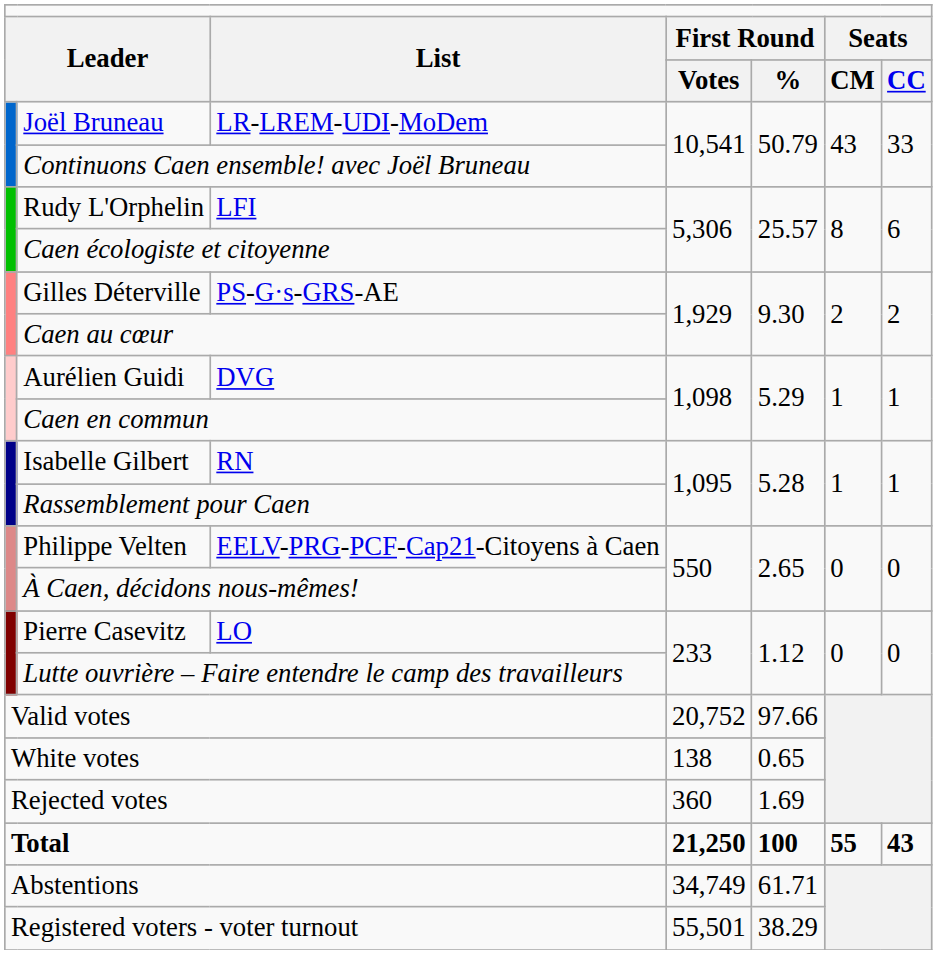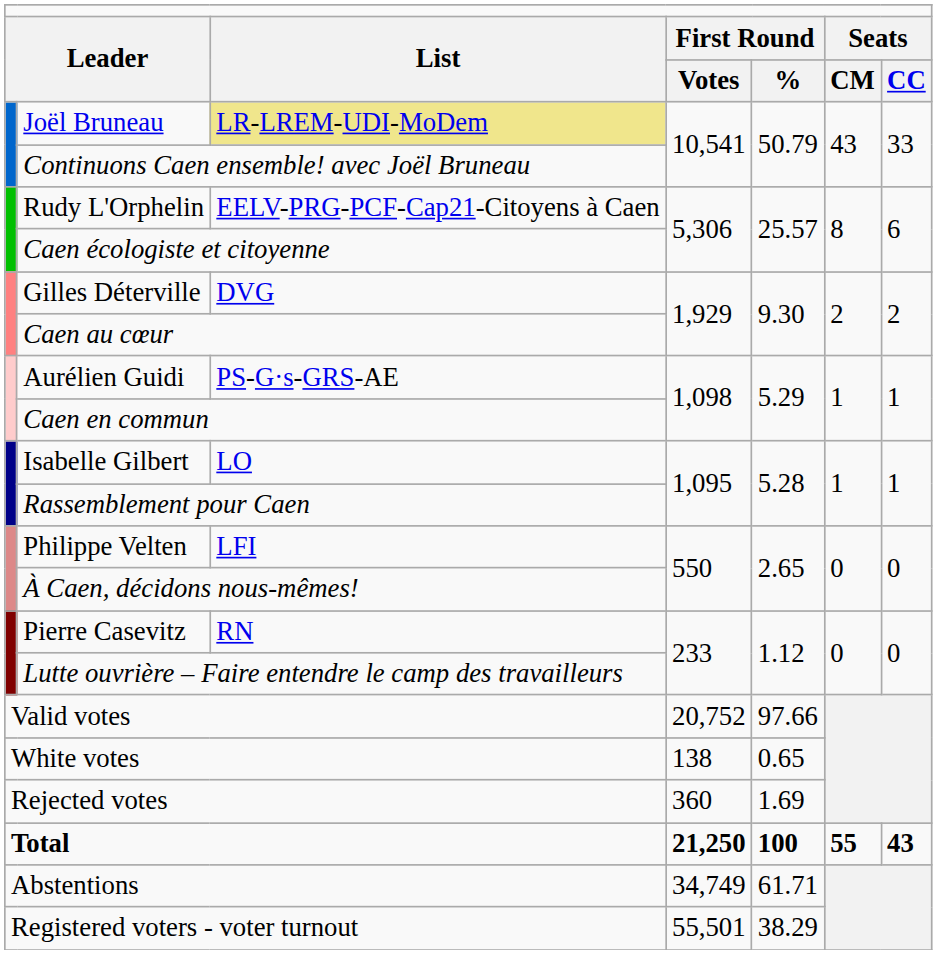 <table class="wikitable">
 <tr>
 <td colspan="7"></td>
 </tr>
 <tr>
 <th colspan="2" rowspan="2">Leader</th>
 <th rowspan="2">List</th>
 <th colspan="2">First Round</th>
 <th colspan="2">Seats</th>
 </tr>
 <tr>
 <th>Votes</th>
 <th>%</th>
 <th>CM</th>
 <th><a href='#'>CC</a></th>
 </tr>
 <tr>
 <td rowspan="2" bgcolor="#0066cc"></td>
 <td><a href='#'>Joël Bruneau</a></td>
-<td><a href='#'>LR</a>-<a href='#'>LREM</a>-<a href='#'>UDI</a>-<a href='#'>MoDem</a></td>
+<td style="background: khaki;"><a href='#'>LR</a>-<a href='#'>LREM</a>-<a href='#'>UDI</a>-<a href='#'>MoDem</a></td>
 <td rowspan="2">10,541</td>
 <td rowspan="2">50.79</td>
 <td rowspan="2">43</td>
 <td rowspan="2">33</td>
 </tr>
 <tr>
 <td colspan="2"><em>Continuons Caen ensemble! avec Joël Bruneau</em></td>
 </tr>
 <tr>
 <td rowspan="2" bgcolor="#00c000"></td>
 <td>Rudy L'Orphelin</td>
-<td><a href='#'>LFI</a></td>
+<td><a href='#'>EELV</a>-<a href='#'>PRG</a>-<a href='#'>PCF</a>-<a href='#'>Cap21</a>-Citoyens à Caen</td>
 <td rowspan="2">5,306</td>
 <td rowspan="2">25.57</td>
 <td rowspan="2">8</td>
 <td rowspan="2">6</td>
 </tr>
 <tr>
 <td colspan="2"><em>Caen écologiste et citoyenne</em></td>
 </tr>
 <tr>
 <td rowspan="2" bgcolor="#ff8080"></td>
 <td>Gilles Déterville</td>
-<td><a href='#'>PS</a>-<a href='#'>G·s</a>-<a href='#'>GRS</a>-AE</td>
+<td><a href='#'>DVG</a></td>
 <td rowspan="2">1,929</td>
 <td rowspan="2">9.30</td>
 <td rowspan="2">2</td>
 <td rowspan="2">2</td>
 </tr>
 <tr>
 <td colspan="2"><em>Caen au cœur</em></td>
 </tr>
 <tr>
 <td rowspan="2" bgcolor="#ffcccc"></td>
 <td>Aurélien Guidi</td>
-<td><a href='#'>DVG</a></td>
+<td><a href='#'>PS</a>-<a href='#'>G·s</a>-<a href='#'>GRS</a>-AE</td>
 <td rowspan="2">1,098</td>
 <td rowspan="2">5.29</td>
 <td rowspan="2">1</td>
 <td rowspan="2">1</td>
 </tr>
 <tr>
 <td colspan="2"><em>Caen en commun</em></td>
 </tr>
 <tr>
 <td rowspan="2" bgcolor="#000088"></td>
 <td>Isabelle Gilbert</td>
-<td><a href='#'>RN</a></td>
+<td><a href='#'>LO</a></td>
 <td rowspan="2">1,095</td>
 <td rowspan="2">5.28</td>
 <td rowspan="2">1</td>
 <td rowspan="2">1</td>
 </tr>
 <tr>
 <td colspan="2"><em>Rassemblement pour Caen</em></td>
 </tr>
 <tr>
 <td rowspan="2" bgcolor="#dd8888"></td>
 <td>Philippe Velten</td>
-<td><a href='#'>EELV</a>-<a href='#'>PRG</a>-<a href='#'>PCF</a>-<a href='#'>Cap21</a>-Citoyens à Caen</td>
+<td><a href='#'>LFI</a></td>
 <td rowspan="2">550</td>
 <td rowspan="2">2.65</td>
 <td rowspan="2">0</td>
 <td rowspan="2">0</td>
 </tr>
 <tr>
 <td colspan="2"><em>À Caen, décidons nous-mêmes!</em></td>
 </tr>
 <tr>
 <td rowspan="2" bgcolor="#800000"></td>
 <td>Pierre Casevitz</td>
-<td><a href='#'>LO</a></td>
+<td><a href='#'>RN</a></td>
 <td rowspan="2">233</td>
 <td rowspan="2">1.12</td>
 <td rowspan="2">0</td>
 <td rowspan="2">0</td>
 </tr>
 <tr>
 <td colspan="2"><em>Lutte ouvrière – Faire entendre le camp des travailleurs</em></td>
 </tr>
 <tr>
 <td colspan="3">Valid votes</td>
 <td>20,752</td>
 <td>97.66</td>
 <th colspan="2" rowspan="3"></th>
 </tr>
 <tr>
 <td colspan="3">White votes</td>
 <td>138</td>
 <td>0.65</td>
 </tr>
 <tr>
 <td colspan="3">Rejected votes</td>
 <td>360</td>
 <td>1.69</td>
 </tr>
 <tr>
 <td colspan="3"><strong>Total</strong></td>
 <td><strong>21,250</strong></td>
 <td><strong>100</strong></td>
 <td><strong>55</strong></td>
 <td><strong>43</strong></td>
 </tr>
 <tr>
 <td colspan="3">Abstentions</td>
 <td>34,749</td>
 <td>61.71</td>
 <th colspan="2" rowspan="2"></th>
 </tr>
 <tr>
 <td colspan="3">Registered voters - voter turnout</td>
 <td>55,501</td>
 <td>38.29</td>
 </tr>
 </table>
